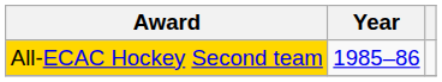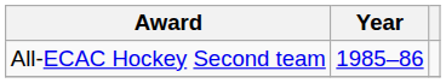 <table class="wikitable">
 <tr>
 <th>Award</th>
 <th>Year</th>
 <th></th>
 </tr>
 <tr>
-<td style="background: gold;">All-<a href='#'>ECAC Hockey</a> <a href='#'>Second team</a></td>
+<td>All-<a href='#'>ECAC Hockey</a> <a href='#'>Second team</a></td>
 <td><a href='#'>1985–86</a></td>
 <td></td>
 </tr>
 <tr>
 </tr>
 </table>
